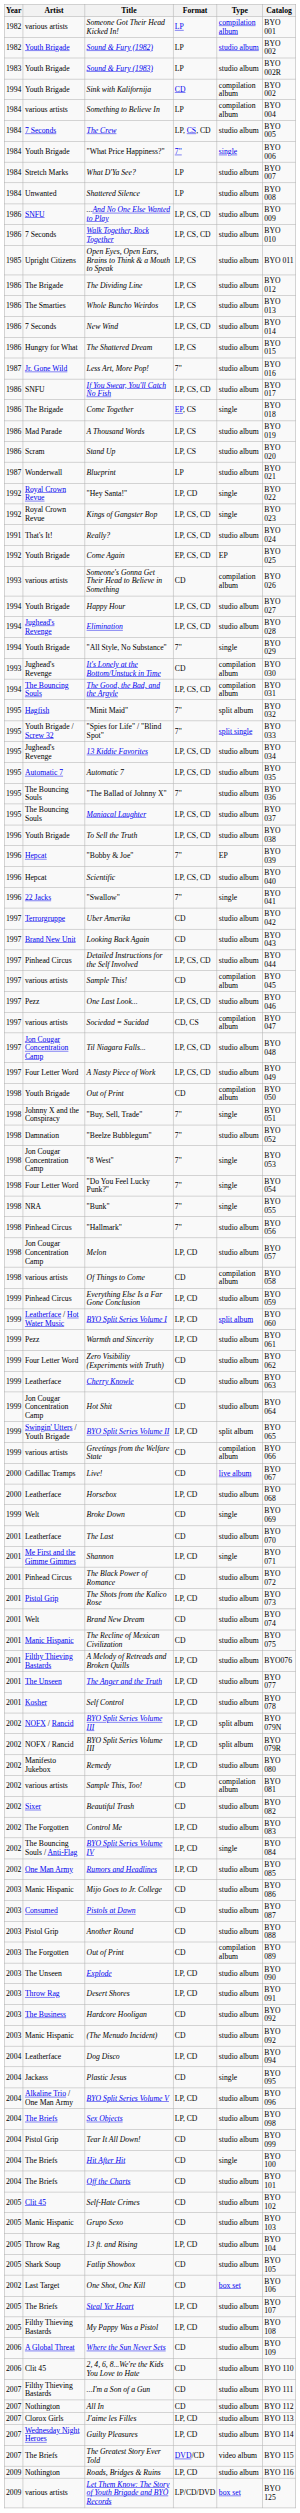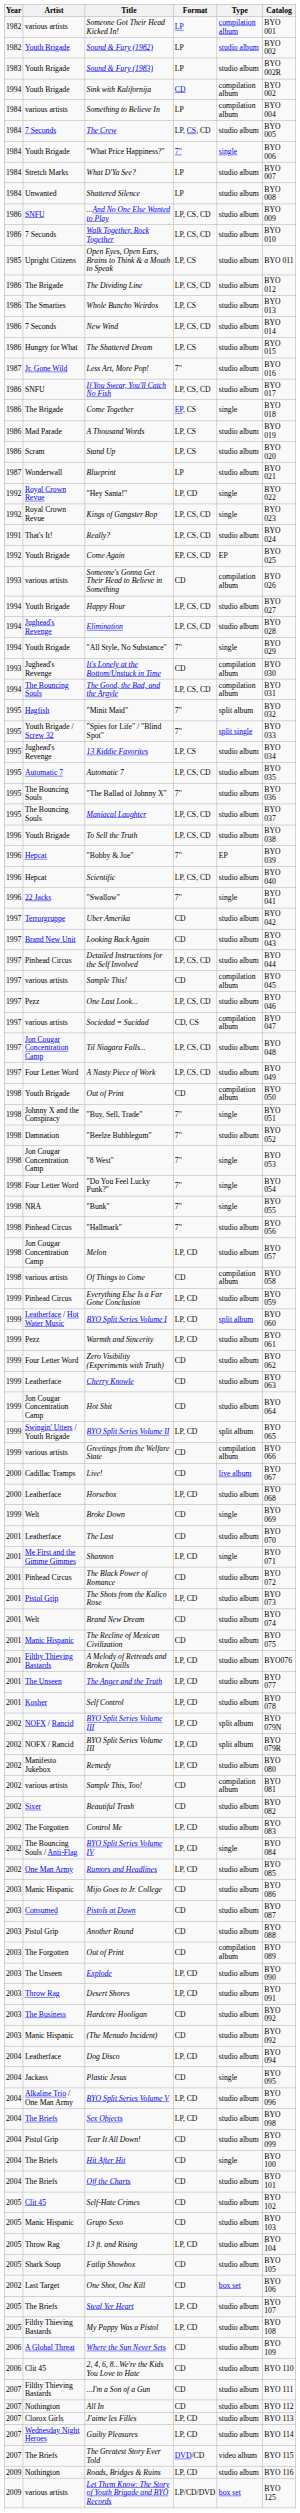 <table class="wikitable sortable">
 <tr>
 <th>Year</th>
 <th>Artist</th>
 <th>Title</th>
 <th>Format</th>
 <th>Type</th>
 <th>Catalog</th>
 </tr>
 <tr>
 <td>1982</td>
 <td>various artists</td>
 <td><em>Someone Got Their Head Kicked In!</em></td>
 <td><a href='#'>LP</a></td>
 <td><a href='#'>compilation album</a></td>
 <td>BYO 001</td>
 </tr>
 <tr>
 <td>1982</td>
 <td><a href='#'>Youth Brigade</a></td>
 <td><em><a href='#'>Sound & Fury (1982)</a></em></td>
 <td>LP</td>
 <td><a href='#'>studio album</a></td>
 <td>BYO 002</td>
 </tr>
 <tr>
 <td>1983</td>
 <td>Youth Brigade</td>
 <td><em><a href='#'>Sound & Fury (1983)</a></em></td>
 <td>LP</td>
 <td>studio album</td>
 <td>BYO 002R</td>
 </tr>
 <tr>
 <td>1994</td>
 <td>Youth Brigade</td>
 <td><em>Sink with Kalifornija</em></td>
 <td><a href='#'>CD</a></td>
 <td>compilation album</td>
 <td>BYO 002</td>
 </tr>
 <tr>
 <td>1984</td>
 <td>various artists</td>
 <td><em>Something to Believe In</em></td>
 <td>LP</td>
 <td>compilation album</td>
 <td>BYO 004</td>
 </tr>
 <tr>
 <td>1984</td>
 <td><a href='#'>7 Seconds</a></td>
 <td><em><a href='#'>The Crew</a></em></td>
 <td>LP, <a href='#'>CS</a>, CD</td>
 <td>studio album</td>
 <td>BYO 005</td>
 </tr>
 <tr>
 <td>1984</td>
 <td>Youth Brigade</td>
 <td>"What Price Happiness?"</td>
 <td><a href='#'>7"</a></td>
 <td><a href='#'>single</a></td>
 <td>BYO 006</td>
 </tr>
 <tr>
 <td>1984</td>
 <td>Stretch Marks</td>
 <td><em>What D'Ya See?</em></td>
 <td>LP</td>
 <td>studio album</td>
 <td>BYO 007</td>
 </tr>
 <tr>
 <td>1984</td>
 <td>Unwanted</td>
 <td><em>Shattered Silence</em></td>
 <td>LP</td>
 <td>studio album</td>
 <td>BYO 008</td>
 </tr>
 <tr>
 <td>1986</td>
 <td><a href='#'>SNFU</a></td>
 <td><em>...<a href='#'>And No One Else Wanted to Play</a></em></td>
 <td>LP, CS, CD</td>
 <td>studio album</td>
 <td>BYO 009</td>
 </tr>
 <tr>
 <td>1986</td>
 <td>7 Seconds</td>
 <td><em><a href='#'>Walk Together, Rock Together</a></em></td>
 <td>LP, CS, CD</td>
 <td>studio album</td>
 <td>BYO 010</td>
 </tr>
 <tr>
 <td>1985</td>
 <td>Upright Citizens</td>
 <td><em>Open Eyes, Open Ears, Brains to Think & a Mouth to Speak</em></td>
 <td>LP, CS</td>
 <td>studio album</td>
 <td>BYO 011</td>
 </tr>
 <tr>
 <td>1986</td>
 <td>The Brigade</td>
 <td><em>The Dividing Line</em></td>
-<td>LP, CS</td>
+<td>LP, CS, CD</td>
 <td>studio album</td>
 <td>BYO 012</td>
 </tr>
 <tr>
 <td>1986</td>
 <td>The Smarties</td>
 <td><em>Whole Buncho Weirdos</em></td>
 <td>LP, CS</td>
 <td>studio album</td>
 <td>BYO 013</td>
 </tr>
 <tr>
 <td>1986</td>
 <td>7 Seconds</td>
 <td><em>New Wind</em></td>
 <td>LP, CS, CD</td>
 <td>studio album</td>
 <td>BYO 014</td>
 </tr>
 <tr>
 <td>1986</td>
 <td>Hungry for What</td>
 <td><em>The Shattered Dream</em></td>
 <td>LP, CS</td>
 <td>studio album</td>
 <td>BYO 015</td>
 </tr>
 <tr>
 <td>1987</td>
 <td><a href='#'>Jr. Gone Wild</a></td>
 <td><em>Less Art, More Pop!</em></td>
 <td>7"</td>
 <td>studio album</td>
 <td>BYO 016</td>
 </tr>
 <tr>
 <td>1986</td>
 <td>SNFU</td>
 <td><em><a href='#'>If You Swear, You'll Catch No Fish</a></em></td>
 <td>LP, CS, CD</td>
 <td>studio album</td>
 <td>BYO 017</td>
 </tr>
 <tr>
 <td>1986</td>
 <td>The Brigade</td>
 <td><em>Come Together</em></td>
 <td><a href='#'>EP</a>, CS</td>
 <td>single</td>
 <td>BYO 018</td>
 </tr>
 <tr>
 <td>1986</td>
 <td>Mad Parade</td>
 <td><em>A Thousand Words</em></td>
 <td>LP, CS</td>
 <td>studio album</td>
 <td>BYO 019</td>
 </tr>
 <tr>
 <td>1986</td>
 <td>Scram</td>
 <td><em>Stand Up</em></td>
 <td>LP, CS</td>
 <td>studio album</td>
 <td>BYO 020</td>
 </tr>
 <tr>
 <td>1987</td>
 <td>Wonderwall</td>
 <td><em>Blueprint</em></td>
 <td>LP</td>
 <td>studio album</td>
 <td>BYO 021</td>
 </tr>
 <tr>
 <td>1992</td>
 <td><a href='#'>Royal Crown Revue</a></td>
 <td>"Hey Santa!"</td>
 <td>LP, CD</td>
 <td>single</td>
 <td>BYO 022</td>
 </tr>
 <tr>
 <td>1992</td>
 <td>Royal Crown Revue</td>
 <td><em>Kings of Gangster Bop</em></td>
 <td>LP, CS, CD</td>
 <td>single</td>
 <td>BYO 023</td>
 </tr>
 <tr>
 <td>1991</td>
 <td>That's It!</td>
 <td><em>Really?</em></td>
 <td>LP, CS, CD</td>
 <td>studio album</td>
 <td>BYO 024</td>
 </tr>
 <tr>
 <td>1992</td>
 <td>Youth Brigade</td>
 <td><em>Come Again</em></td>
 <td>EP, CS, CD</td>
 <td>EP</td>
 <td>BYO 025</td>
 </tr>
 <tr>
 <td>1993</td>
 <td>various artists</td>
 <td><em>Someone's Gonna Get Their Head to Believe in Something</em></td>
 <td>CD</td>
 <td>compilation album</td>
 <td>BYO 026</td>
 </tr>
 <tr>
 <td>1994</td>
 <td>Youth Brigade</td>
 <td><em>Happy Hour</em></td>
 <td>LP, CS, CD</td>
 <td>studio album</td>
 <td>BYO 027</td>
 </tr>
 <tr>
 <td>1994</td>
 <td><a href='#'>Jughead's Revenge</a></td>
 <td><em><a href='#'>Elimination</a></em></td>
 <td>LP, CS, CD</td>
 <td>studio album</td>
 <td>BYO 028</td>
 </tr>
 <tr>
 <td>1994</td>
 <td>Youth Brigade</td>
 <td>"All Style, No Substance"</td>
 <td>7"</td>
 <td>single</td>
 <td>BYO 029</td>
 </tr>
 <tr>
 <td>1993</td>
 <td>Jughead's Revenge</td>
 <td><em><a href='#'>It's Lonely at the Bottom/Unstuck in Time</a></em></td>
 <td>CD</td>
 <td>compilation album</td>
 <td>BYO 030</td>
 </tr>
 <tr>
 <td>1994</td>
 <td><a href='#'>The Bouncing Souls</a></td>
 <td><em><a href='#'>The Good, the Bad, and the Argyle</a></em></td>
 <td>LP, CS, CD</td>
 <td>compilation album</td>
 <td>BYO 031</td>
 </tr>
 <tr>
 <td>1995</td>
 <td><a href='#'>Hagfish</a></td>
 <td>"Minit Maid"</td>
 <td>7"</td>
 <td>split album</td>
 <td>BYO 032</td>
 </tr>
 <tr>
 <td>1995</td>
 <td>Youth Brigade / <a href='#'>Screw 32</a></td>
 <td>"Spies for Life" / "Blind Spot"</td>
 <td>7"</td>
 <td><a href='#'>split single</a></td>
 <td>BYO 033</td>
 </tr>
 <tr>
 <td>1995</td>
 <td>Jughead's Revenge</td>
 <td><em><a href='#'>13 Kiddie Favorites</a></em></td>
-<td>LP, CS, CD</td>
+<td>LP, CS</td>
 <td>studio album</td>
 <td>BYO 034</td>
 </tr>
 <tr>
 <td>1995</td>
 <td><a href='#'>Automatic 7</a></td>
 <td><em>Automatic 7</em></td>
 <td>LP, CS, CD</td>
 <td>studio album</td>
 <td>BYO 035</td>
 </tr>
 <tr>
 <td>1995</td>
 <td>The Bouncing Souls</td>
 <td>"The Ballad of Johnny X"</td>
 <td>7"</td>
 <td>studio album</td>
 <td>BYO 036</td>
 </tr>
 <tr>
 <td>1995</td>
 <td>The Bouncing Souls</td>
 <td><em><a href='#'>Maniacal Laughter</a></em></td>
 <td>LP, CS, CD</td>
 <td>studio album</td>
 <td>BYO 037</td>
 </tr>
 <tr>
 <td>1996</td>
 <td>Youth Brigade</td>
 <td><em>To Sell the Truth</em></td>
 <td>LP, CS, CD</td>
 <td>studio album</td>
 <td>BYO 038</td>
 </tr>
 <tr>
 <td>1996</td>
 <td><a href='#'>Hepcat</a></td>
 <td>"Bobby & Joe"</td>
 <td>7"</td>
 <td>EP</td>
 <td>BYO 039</td>
 </tr>
 <tr>
 <td>1996</td>
 <td>Hepcat</td>
 <td><em>Scientific</em></td>
 <td>LP, CS, CD</td>
 <td>studio album</td>
 <td>BYO 040</td>
 </tr>
 <tr>
 <td>1996</td>
 <td><a href='#'>22 Jacks</a></td>
 <td>"Swallow"</td>
 <td>7"</td>
 <td>single</td>
 <td>BYO 041</td>
 </tr>
 <tr>
 <td>1997</td>
 <td><a href='#'>Terrorgruppe</a></td>
 <td><em>Uber Amerika</em></td>
 <td>CD</td>
 <td>studio album</td>
 <td>BYO 042</td>
 </tr>
 <tr>
 <td>1997</td>
 <td><a href='#'>Brand New Unit</a></td>
 <td><em>Looking Back Again</em></td>
 <td>CD</td>
 <td>studio album</td>
 <td>BYO 043</td>
 </tr>
 <tr>
 <td>1997</td>
 <td>Pinhead Circus</td>
 <td><em>Detailed Instructions for the Self Involved</em></td>
 <td>LP, CS, CD</td>
 <td>studio album</td>
 <td>BYO 044</td>
 </tr>
 <tr>
 <td>1997</td>
 <td>various artists</td>
 <td><em>Sample This!</em></td>
 <td>CD</td>
 <td>compilation album</td>
 <td>BYO 045</td>
 </tr>
 <tr>
 <td>1997</td>
 <td>Pezz</td>
 <td><em>One Last Look...</em></td>
 <td>LP, CS, CD</td>
 <td>studio album</td>
 <td>BYO 046</td>
 </tr>
 <tr>
 <td>1997</td>
 <td>various artists</td>
 <td><em>Sociedad = Sucidad</em></td>
 <td>CD, CS</td>
 <td>compilation album</td>
 <td>BYO 047</td>
 </tr>
 <tr>
 <td>1997</td>
 <td><a href='#'>Jon Cougar Concentration Camp</a></td>
 <td><em>Til Niagara Falls...</em></td>
 <td>LP, CS, CD</td>
 <td>studio album</td>
 <td>BYO 048</td>
 </tr>
 <tr>
 <td>1997</td>
 <td>Four Letter Word</td>
 <td><em>A Nasty Piece of Work</em></td>
 <td>LP, CS, CD</td>
 <td>studio album</td>
 <td>BYO 049</td>
 </tr>
 <tr>
 <td>1998</td>
 <td>Youth Brigade</td>
 <td><em>Out of Print</em></td>
 <td>CD</td>
 <td>compilation album</td>
 <td>BYO 050</td>
 </tr>
 <tr>
 <td>1998</td>
 <td>Johnny X and the Conspiracy</td>
 <td>"Buy, Sell, Trade"</td>
 <td>7"</td>
 <td>single</td>
 <td>BYO 051</td>
 </tr>
 <tr>
 <td>1998</td>
 <td>Damnation</td>
 <td>"Beelze Bubblegum"</td>
 <td>7"</td>
 <td>studio album</td>
 <td>BYO 052</td>
 </tr>
 <tr>
 <td>1998</td>
 <td>Jon Cougar Concentration Camp</td>
 <td>"8 West"</td>
 <td>7"</td>
 <td>single</td>
 <td>BYO 053</td>
 </tr>
 <tr>
 <td>1998</td>
 <td>Four Letter Word</td>
 <td>"Do You Feel Lucky Punk?"</td>
 <td>7"</td>
 <td>single</td>
 <td>BYO 054</td>
 </tr>
 <tr>
 <td>1998</td>
 <td>NRA</td>
 <td>"Bunk"</td>
 <td>7"</td>
 <td>single</td>
 <td>BYO 055</td>
 </tr>
 <tr>
 <td>1998</td>
 <td>Pinhead Circus</td>
 <td>"Hallmark"</td>
 <td>7"</td>
 <td>studio album</td>
 <td>BYO 056</td>
 </tr>
 <tr>
 <td>1998</td>
 <td>Jon Cougar Concentration Camp</td>
 <td><em>Melon</em></td>
 <td>LP, CD</td>
 <td>studio album</td>
 <td>BYO 057</td>
 </tr>
 <tr>
 <td>1998</td>
 <td>various artists</td>
 <td><em>Of Things to Come</em></td>
 <td>CD</td>
 <td>compilation album</td>
 <td>BYO 058</td>
 </tr>
 <tr>
 <td>1999</td>
 <td>Pinhead Circus</td>
 <td><em>Everything Else Is a Far Gone Conclusion</em></td>
 <td>LP, CD</td>
 <td>studio album</td>
 <td>BYO 059</td>
 </tr>
 <tr>
 <td>1999</td>
 <td><a href='#'>Leatherface</a> / <a href='#'>Hot Water Music</a></td>
 <td><em><a href='#'>BYO Split Series Volume I</a></em></td>
 <td>LP, CD</td>
 <td><a href='#'>split album</a></td>
 <td>BYO 060</td>
 </tr>
 <tr>
 <td>1999</td>
 <td>Pezz</td>
 <td><em>Warmth and Sincerity</em></td>
 <td>LP, CD</td>
 <td>studio album</td>
 <td>BYO 061</td>
 </tr>
 <tr>
 <td>1999</td>
 <td>Four Letter Word</td>
 <td><em>Zero Visibility (Experiments with Truth)</em></td>
 <td>CD</td>
 <td>studio album</td>
 <td>BYO 062</td>
 </tr>
 <tr>
 <td>1999</td>
 <td>Leatherface</td>
 <td><em><a href='#'>Cherry Knowle</a></em></td>
 <td>CD</td>
 <td>studio album</td>
 <td>BYO 063</td>
 </tr>
 <tr>
 <td>1999</td>
 <td>Jon Cougar Concentration Camp</td>
 <td><em>Hot Shit</em></td>
 <td>CD</td>
 <td>studio album</td>
 <td>BYO 064</td>
 </tr>
 <tr>
 <td>1999</td>
 <td><a href='#'>Swingin' Utters</a> / Youth Brigade</td>
 <td><em><a href='#'>BYO Split Series Volume II</a></em></td>
 <td>LP, CD</td>
 <td>split album</td>
 <td>BYO 065</td>
 </tr>
 <tr>
 <td>1999</td>
 <td>various artists</td>
 <td><em>Greetings from the Welfare State</em></td>
 <td>CD</td>
 <td>compilation album</td>
 <td>BYO 066</td>
 </tr>
 <tr>
 <td>2000</td>
 <td>Cadillac Tramps</td>
 <td><em>Live!</em></td>
 <td>CD</td>
 <td><a href='#'>live album</a></td>
 <td>BYO 067</td>
 </tr>
 <tr>
 <td>2000</td>
 <td>Leatherface</td>
 <td><em>Horsebox</em></td>
 <td>LP, CD</td>
 <td>studio album</td>
 <td>BYO 068</td>
 </tr>
 <tr>
 <td>1999</td>
 <td>Welt</td>
 <td><em>Broke Down</em></td>
 <td>CD</td>
 <td>single</td>
 <td>BYO 069</td>
 </tr>
 <tr>
 <td>2001</td>
 <td>Leatherface</td>
 <td><em>The Last</em></td>
 <td>CD</td>
 <td>studio album</td>
 <td>BYO 070</td>
 </tr>
 <tr>
 <td>2001</td>
 <td><a href='#'>Me First and the Gimme Gimmes</a></td>
 <td><em>Shannon</em></td>
 <td>LP, CD</td>
 <td>single</td>
 <td>BYO 071</td>
 </tr>
 <tr>
 <td>2001</td>
 <td>Pinhead Circus</td>
 <td><em>The Black Power of Romance</em></td>
 <td>CD</td>
 <td>studio album</td>
 <td>BYO 072</td>
 </tr>
 <tr>
 <td>2001</td>
 <td><a href='#'>Pistol Grip</a></td>
 <td><em>The Shots from the Kalico Rose</em></td>
 <td>LP, CD</td>
 <td>studio album</td>
 <td>BYO 073</td>
 </tr>
 <tr>
 <td>2001</td>
 <td>Welt</td>
 <td><em>Brand New Dream</em></td>
 <td>CD</td>
 <td>studio album</td>
 <td>BYO 074</td>
 </tr>
 <tr>
 <td>2001</td>
 <td><a href='#'>Manic Hispanic</a></td>
 <td><em>The Recline of Mexican Civilization</em></td>
 <td>CD</td>
 <td>studio album</td>
 <td>BYO 075</td>
 </tr>
 <tr>
 <td>2001</td>
 <td><a href='#'>Filthy Thieving Bastards</a></td>
 <td><em>A Melody of Retreads and Broken Quills</em></td>
 <td>LP, CD</td>
 <td>studio album</td>
 <td>BYO076</td>
 </tr>
 <tr>
 <td>2001</td>
 <td><a href='#'>The Unseen</a></td>
 <td><em><a href='#'>The Anger and the Truth</a></em></td>
 <td>LP, CD</td>
 <td>studio album</td>
 <td>BYO 077</td>
 </tr>
 <tr>
 <td>2001</td>
 <td><a href='#'>Kosher</a></td>
 <td><em>Self Control</em></td>
 <td>LP, CD</td>
 <td>studio album</td>
 <td>BYO 078</td>
 </tr>
 <tr>
 <td>2002</td>
 <td><a href='#'>NOFX</a> / <a href='#'>Rancid</a></td>
 <td><em><a href='#'>BYO Split Series Volume III</a></em></td>
 <td>LP, CD</td>
 <td>split album</td>
 <td>BYO 079N</td>
 </tr>
 <tr>
 <td>2002</td>
 <td>NOFX / Rancid</td>
 <td><em>BYO Split Series Volume III</em></td>
 <td>LP, CD</td>
 <td>split album</td>
 <td>BYO 079R</td>
 </tr>
 <tr>
 <td>2002</td>
 <td>Manifesto Jukebox</td>
 <td><em>Remedy</em></td>
 <td>LP, CD</td>
 <td>studio album</td>
 <td>BYO 080</td>
 </tr>
 <tr>
 <td>2002</td>
 <td>various artists</td>
 <td><em>Sample This, Too!</em></td>
 <td>CD</td>
 <td>compilation album</td>
 <td>BYO 081</td>
 </tr>
 <tr>
 <td>2002</td>
 <td><a href='#'>Sixer</a></td>
 <td><em>Beautiful Trash</em></td>
 <td>CD</td>
 <td>studio album</td>
 <td>BYO 082</td>
 </tr>
 <tr>
 <td>2002</td>
 <td>The Forgotten</td>
 <td><em>Control Me</em></td>
 <td>LP, CD</td>
 <td>studio album</td>
 <td>BYO 083</td>
 </tr>
 <tr>
 <td>2002</td>
 <td>The Bouncing Souls / <a href='#'>Anti-Flag</a></td>
 <td><em><a href='#'>BYO Split Series Volume IV</a></em></td>
 <td>LP, CD</td>
 <td>single</td>
 <td>BYO 084</td>
 </tr>
 <tr>
 <td>2002</td>
 <td><a href='#'>One Man Army</a></td>
 <td><em><a href='#'>Rumors and Headlines</a></em></td>
 <td>LP, CD</td>
 <td>studio album</td>
 <td>BYO 085</td>
 </tr>
 <tr>
 <td>2003</td>
 <td>Manic Hispanic</td>
 <td><em>Mijo Goes to Jr. College</em></td>
 <td>CD</td>
 <td>studio album</td>
 <td>BYO 086</td>
 </tr>
 <tr>
 <td>2003</td>
 <td><a href='#'>Consumed</a></td>
 <td><em><a href='#'>Pistols at Dawn</a></em></td>
 <td>CD</td>
 <td>studio album</td>
 <td>BYO 087</td>
 </tr>
 <tr>
 <td>2003</td>
 <td>Pistol Grip</td>
 <td><em>Another Round</em></td>
 <td>CD</td>
 <td>studio album</td>
 <td>BYO 088</td>
 </tr>
 <tr>
 <td>2003</td>
 <td>The Forgotten</td>
 <td><em>Out of Print</em></td>
 <td>CD</td>
 <td>compilation album</td>
 <td>BYO 089</td>
 </tr>
 <tr>
 <td>2003</td>
 <td>The Unseen</td>
 <td><em><a href='#'>Explode</a></em></td>
 <td>LP, CD</td>
 <td>studio album</td>
 <td>BYO 090</td>
 </tr>
 <tr>
 <td>2003</td>
 <td><a href='#'>Throw Rag</a></td>
 <td><em>Desert Shores</em></td>
 <td>LP, CD</td>
 <td>studio album</td>
 <td>BYO 091</td>
 </tr>
 <tr>
 <td>2003</td>
 <td><a href='#'>The Business</a></td>
 <td><em>Hardcore Hooligan</em></td>
 <td>CD</td>
 <td>studio album</td>
 <td>BYO 092</td>
 </tr>
 <tr>
 <td>2003</td>
 <td>Manic Hispanic</td>
 <td><em>(The Menudo Incident)</em></td>
 <td>CD</td>
 <td>studio album</td>
 <td>BYO 092</td>
 </tr>
 <tr>
 <td>2004</td>
 <td>Leatherface</td>
 <td><em>Dog Disco</em></td>
 <td>LP, CD</td>
 <td>studio album</td>
 <td>BYO 094</td>
 </tr>
 <tr>
 <td>2004</td>
 <td>Jackass</td>
 <td><em>Plastic Jesus</em></td>
 <td>CD</td>
 <td>single</td>
 <td>BYO 095</td>
 </tr>
 <tr>
 <td>2004</td>
 <td><a href='#'>Alkaline Trio</a> / One Man Army</td>
 <td><em><a href='#'>BYO Split Series Volume V</a></em></td>
 <td>LP, CD</td>
 <td>studio album</td>
 <td>BYO 096</td>
 </tr>
 <tr>
 <td>2004</td>
 <td><a href='#'>The Briefs</a></td>
 <td><em><a href='#'>Sex Objects</a></em></td>
 <td>LP, CD</td>
 <td>studio album</td>
 <td>BYO 098</td>
 </tr>
 <tr>
 <td>2004</td>
 <td>Pistol Grip</td>
 <td><em>Tear It All Down!</em></td>
 <td>CD</td>
 <td>studio album</td>
 <td>BYO 099</td>
 </tr>
 <tr>
 <td>2004</td>
 <td>The Briefs</td>
 <td><em><a href='#'>Hit After Hit</a></em></td>
 <td>CD</td>
 <td>single</td>
 <td>BYO 100</td>
 </tr>
 <tr>
 <td>2004</td>
 <td>The Briefs</td>
 <td><em><a href='#'>Off the Charts</a></em></td>
 <td>CD</td>
 <td>studio album</td>
 <td>BYO 101</td>
 </tr>
 <tr>
 <td>2005</td>
 <td><a href='#'>Clit 45</a></td>
 <td><em>Self-Hate Crimes</em></td>
 <td>CD</td>
 <td>studio album</td>
 <td>BYO 102</td>
 </tr>
 <tr>
 <td>2005</td>
 <td>Manic Hispanic</td>
 <td><em>Grupo Sexo</em></td>
 <td>CD</td>
 <td>studio album</td>
 <td>BYO 103</td>
 </tr>
 <tr>
 <td>2005</td>
 <td>Throw Rag</td>
 <td><em>13 ft. and Rising</em></td>
 <td>LP, CD</td>
 <td>studio album</td>
 <td>BYO 104</td>
 </tr>
 <tr>
 <td>2005</td>
 <td>Shark Soup</td>
 <td><em>Fatlip Showbox</em></td>
 <td>CD</td>
 <td>studio album</td>
 <td>BYO 105</td>
 </tr>
 <tr>
 <td>2002</td>
 <td>Last Target</td>
 <td><em>One Shot, One Kill</em></td>
 <td>CD</td>
 <td><a href='#'>box set</a></td>
 <td>BYO 106</td>
 </tr>
 <tr>
 <td>2005</td>
 <td>The Briefs</td>
 <td><em><a href='#'>Steal Yer Heart</a></em></td>
 <td>LP, CD</td>
 <td>studio album</td>
 <td>BYO 107</td>
 </tr>
 <tr>
 <td>2005</td>
 <td>Filthy Thieving Bastards</td>
 <td><em>My Pappy Was a Pistol</em></td>
 <td>LP, CD</td>
 <td>studio album</td>
 <td>BYO 108</td>
 </tr>
 <tr>
 <td>2006</td>
 <td><a href='#'>A Global Threat</a></td>
 <td><em><a href='#'>Where the Sun Never Sets</a></em></td>
 <td>CD</td>
 <td>studio album</td>
 <td>BYO 109</td>
 </tr>
 <tr>
 <td>2006</td>
 <td>Clit 45</td>
 <td><em>2, 4, 6, 8...We're the Kids You Love to Hate</em></td>
 <td>CD</td>
 <td>studio album</td>
 <td>BYO 110</td>
 </tr>
 <tr>
 <td>2007</td>
 <td>Filthy Thieving Bastards</td>
 <td><em>...I'm a Son of a Gun</em></td>
 <td>CD</td>
 <td>studio album</td>
 <td>BYO 111</td>
 </tr>
 <tr>
 <td>2007</td>
 <td>Nothington</td>
 <td><em>All In</em></td>
 <td>CD</td>
 <td>studio album</td>
 <td>BYO 112</td>
 </tr>
 <tr>
 <td>2007</td>
 <td>Clorox Girls</td>
 <td><em>J'aime les Filles</em></td>
 <td>LP, CD</td>
 <td>studio album</td>
 <td>BYO 113</td>
 </tr>
 <tr>
 <td>2007</td>
 <td><a href='#'>Wednesday Night Heroes</a></td>
 <td><em>Guilty Pleasures</em></td>
 <td>LP, CD</td>
 <td>studio album</td>
 <td>BYO 114</td>
 </tr>
 <tr>
 <td>2007</td>
 <td>The Briefs</td>
 <td><em>The Greatest Story Ever Told</em></td>
 <td><a href='#'>DVD</a>/CD</td>
 <td>video album</td>
 <td>BYO 115</td>
 </tr>
 <tr>
 <td>2009</td>
 <td>Nothington</td>
 <td><em>Roads, Bridges & Ruins</em></td>
 <td>LP, CD</td>
 <td>studio album</td>
 <td>BYO 116</td>
 </tr>
 <tr>
 <td>2009</td>
 <td>various artists</td>
 <td><em><a href='#'>Let Them Know: The Story of Youth Brigade and BYO Records</a></em></td>
 <td>LP/CD/DVD</td>
 <td><a href='#'>box set</a></td>
 <td>BYO 125</td>
 </tr>
 </table>
